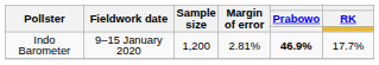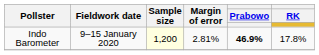 <table class="wikitable" style="text-align:center; font-size:90%; line-height:14px;">
 <tr bgcolor=lightgray>
 <th style="width:95px;" rowspan="3">Pollster</th>
 <th style="width:110px;" rowspan="3">Fieldwork date</th>
 <th style="width:35px;" rowspan="3">Sample size</th>
 <th rowspan="3" style="width:60px;">Margin of error</th>
 <th style="width:60px;"></th>
 <th style="width:60px;"></th>
 </tr>
 <tr>
 <th><a href='#'>Prabowo</a> <br></th>
 <th><a href='#'>RK</a> <br></th>
 </tr>
 <tr>
 <th class="unsortable" style="color:inherit;background:"></th>
 <th class="unsortable" style="color:inherit;background:#E7BA32; width:40px;"></th>
 </tr>
 <tr>
 <td>Indo Barometer</td>
 <td>9–15 January 2020</td>
-<td>1,200</td>
+<td style="background: lightyellow;">1,200</td>
 <td>2.81%</td>
 <td style="background-color:#"><strong>46.9%</strong></td>
-<td>17.7%</td>
+<td>17.8%</td>
 </tr>
 <tr>
 </tr>
 </table>
